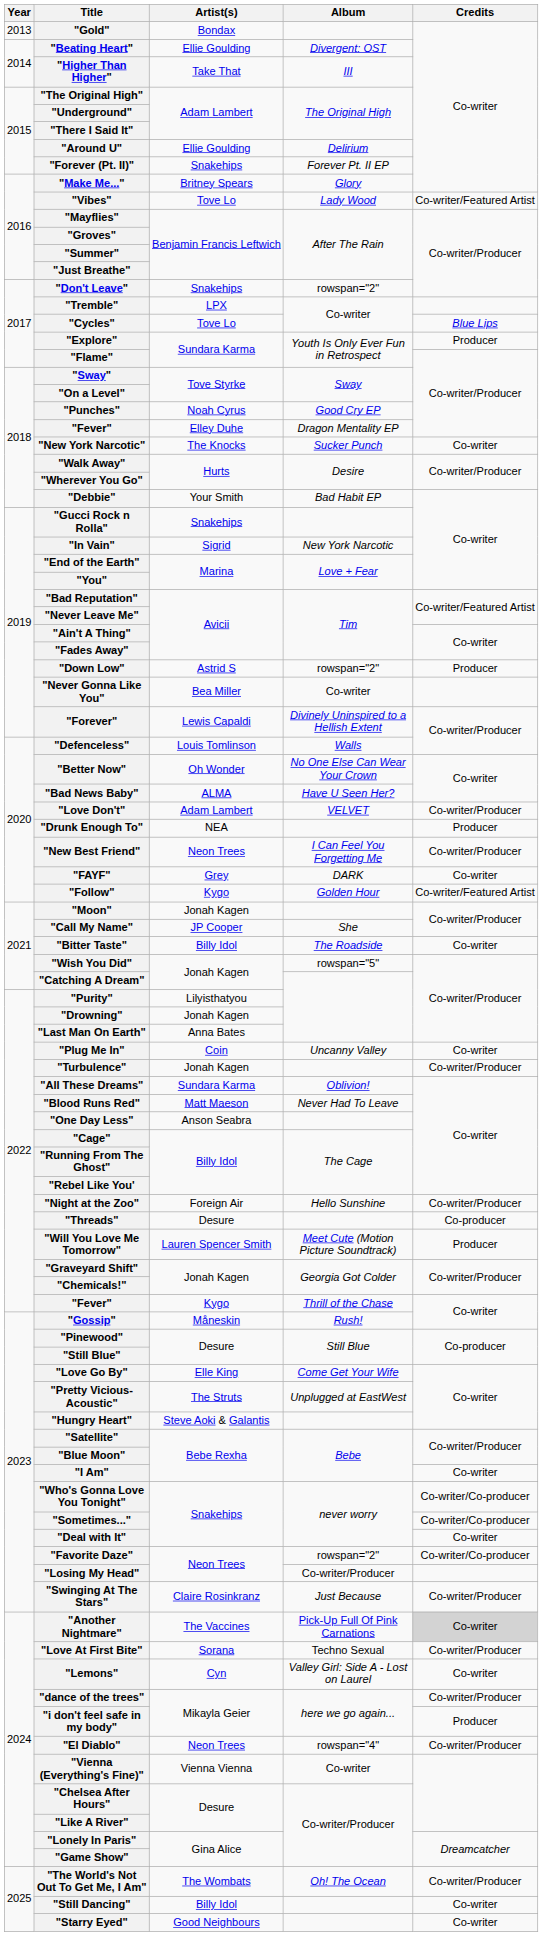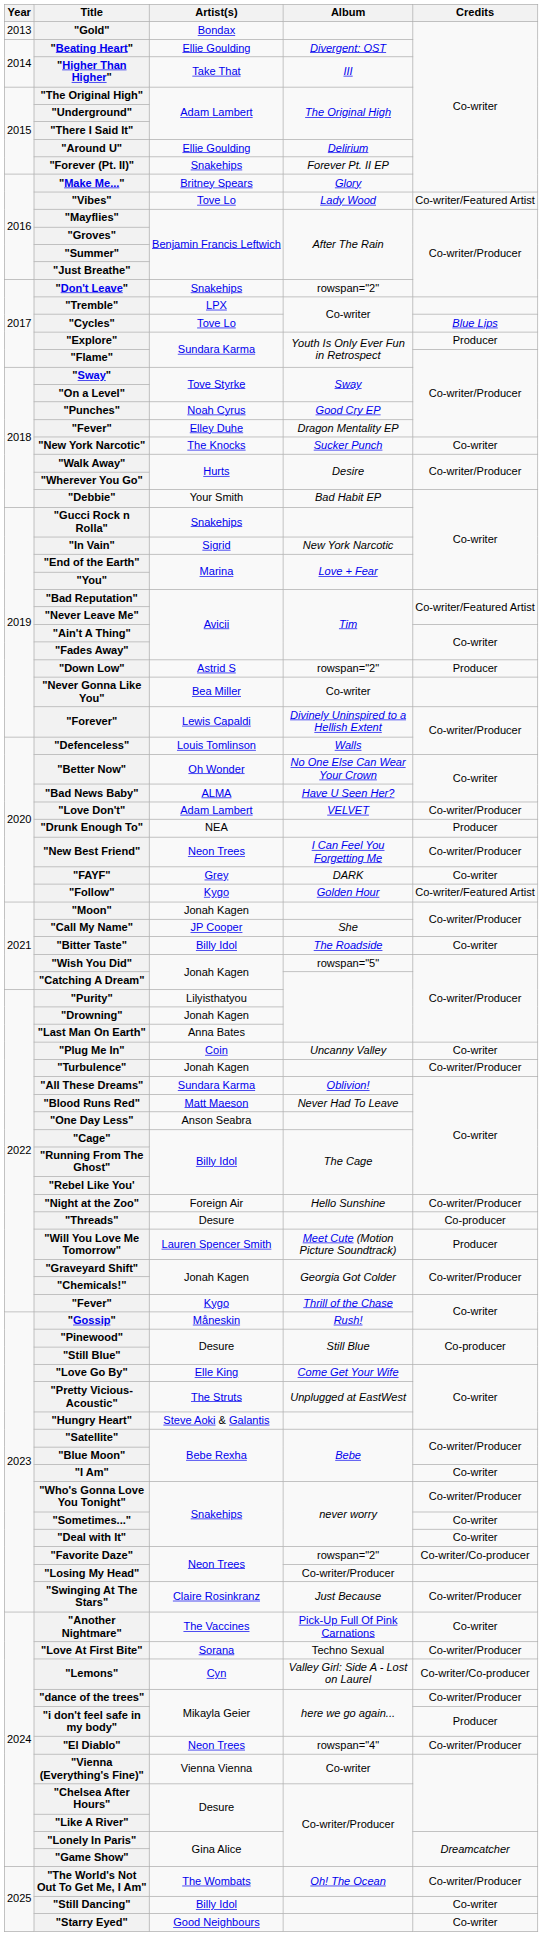 <table class="wikitable plainrowheaders" style="text-align:center;">
 <tr>
 <th scope="col">Year</th>
 <th scope="col" style="width:160px;">Title</th>
 <th scope="col">Artist(s)</th>
 <th scope="col" style="width:180px;">Album</th>
 <th scope="col">Credits</th>
 </tr>
 <tr>
 <td>2013</td>
 <th scope="row">"Gold"</th>
 <td><a href='#'>Bondax</a></td>
 <td></td>
 <td rowspan="9">Co-writer</td>
 </tr>
 <tr>
 <td rowspan="2">2014</td>
 <th scope="row">"<a href='#'>Beating Heart</a>"</th>
 <td><a href='#'>Ellie Goulding</a></td>
 <td><em><a href='#'>Divergent: OST</a></em></td>
 </tr>
 <tr>
 <th scope="row">"<a href='#'>Higher Than Higher</a>"</th>
 <td><a href='#'>Take That</a></td>
 <td><em><a href='#'>III</a></em></td>
 </tr>
 <tr>
 <td rowspan="5">2015</td>
 <th scope="row">"The Original High"</th>
 <td rowspan="3"><a href='#'>Adam Lambert</a></td>
 <td rowspan="3"><em><a href='#'>The Original High</a></em></td>
 </tr>
 <tr>
 <th scope="row">"Underground"</th>
 </tr>
 <tr>
 <th scope="row">"There I Said It"</th>
 </tr>
 <tr>
 <th scope="row">"Around U"</th>
 <td><a href='#'>Ellie Goulding</a></td>
 <td><em><a href='#'>Delirium</a></em></td>
 </tr>
 <tr>
 <th scope="row">"Forever (Pt. II)"</th>
 <td><a href='#'>Snakehips</a></td>
 <td><em>Forever Pt. II EP</em></td>
 </tr>
 <tr>
 <td rowspan="6">2016</td>
 <th scope="row">"<a href='#'>Make Me...</a>"<br></th>
 <td><a href='#'>Britney Spears</a></td>
 <td><em><a href='#'>Glory</a></em></td>
 </tr>
 <tr>
 <th scope="row">"Vibes"<br></th>
 <td><a href='#'>Tove Lo</a></td>
 <td><em><a href='#'>Lady Wood</a></em></td>
 <td>Co-writer/Featured Artist</td>
 </tr>
 <tr>
 <th scope="row">"Mayflies"</th>
 <td rowspan="4"><a href='#'>Benjamin Francis Leftwich</a></td>
 <td rowspan="4"><em>After The Rain</em></td>
 <td rowspan="5">Co-writer/Producer</td>
 </tr>
 <tr>
 <th scope="row">"Groves"</th>
 </tr>
 <tr>
 <th scope="row">"Summer"</th>
 </tr>
 <tr>
 <th scope="row">"Just Breathe"</th>
 </tr>
 <tr>
 <td rowspan="5">2017</td>
 <th scope="row">"<a href='#'>Don't Leave</a>"<br></th>
 <td><a href='#'>Snakehips</a></td>
 <td>rowspan="2" </td>
 </tr>
 <tr>
 <th scope="row">"Tremble"</th>
 <td><a href='#'>LPX</a></td>
 <td rowspan="2">Co-writer</td>
 </tr>
 <tr>
 <th scope="row">"Cycles"</th>
 <td><a href='#'>Tove Lo</a></td>
 <td><em><a href='#'>Blue Lips</a></em></td>
 </tr>
 <tr>
 <th scope="row">"Explore"</th>
 <td rowspan="2"><a href='#'>Sundara Karma</a></td>
 <td rowspan="2"><em>Youth Is Only Ever Fun<br>in Retrospect</em></td>
 <td>Producer</td>
 </tr>
 <tr>
 <th scope="row">"Flame"</th>
 <td rowspan="5">Co-writer/Producer</td>
 </tr>
 <tr>
 <td rowspan="8">2018</td>
 <th scope="row">"<a href='#'>Sway</a>"</th>
 <td rowspan="2"><a href='#'>Tove Styrke</a></td>
 <td rowspan="2"><em><a href='#'>Sway</a></em></td>
 </tr>
 <tr>
 <th scope="row">"On a Level"</th>
 </tr>
 <tr>
 <th scope="row">"Punches"</th>
 <td><a href='#'>Noah Cyrus</a></td>
 <td><em><a href='#'>Good Cry EP</a></em></td>
 </tr>
 <tr>
 <th scope="row">"Fever"</th>
 <td><a href='#'>Elley Duhe</a></td>
 <td><em>Dragon Mentality EP</em></td>
 </tr>
 <tr>
 <th scope="row">"New York Narcotic"</th>
 <td><a href='#'>The Knocks</a></td>
 <td><em><a href='#'>Sucker Punch</a></em></td>
 <td>Co-writer</td>
 </tr>
 <tr>
 <th scope="row">"Walk Away"</th>
 <td rowspan="2"><a href='#'>Hurts</a></td>
 <td rowspan="2"><em>Desire</em></td>
 <td rowspan="2">Co-writer/Producer</td>
 </tr>
 <tr>
 <th scope="row">"Wherever You Go"</th>
 </tr>
 <tr>
 <th scope="row">"Debbie"</th>
 <td>Your Smith</td>
 <td><em>Bad Habit EP</em></td>
 <td rowspan="5">Co-writer</td>
 </tr>
 <tr>
 <td rowspan="11">2019</td>
 <th scope="row">"Gucci Rock n Rolla"<br></th>
 <td><a href='#'>Snakehips</a></td>
 <td></td>
 </tr>
 <tr>
 <th scope="row">"In Vain"</th>
 <td><a href='#'>Sigrid</a></td>
 <td><em>New York Narcotic</em></td>
 </tr>
 <tr>
 <th scope="row">"End of the Earth"</th>
 <td rowspan="2"><a href='#'>Marina</a></td>
 <td rowspan="2"><em><a href='#'>Love + Fear</a></em></td>
 </tr>
 <tr>
 <th scope="row">"You"</th>
 </tr>
 <tr>
 <th scope="row">"Bad Reputation"<br></th>
 <td rowspan="4"><a href='#'>Avicii</a></td>
 <td rowspan="4"><em><a href='#'>Tim</a></em></td>
 <td rowspan="2">Co-writer/Featured Artist</td>
 </tr>
 <tr>
 <th scope="row">"Never Leave Me"<br></th>
 </tr>
 <tr>
 <th scope="row">"Ain't A Thing"</th>
 <td rowspan="2">Co-writer</td>
 </tr>
 <tr>
 <th scope="row">"Fades Away"</th>
 </tr>
 <tr>
 <th scope="row">"Down Low"</th>
 <td><a href='#'>Astrid S</a></td>
 <td>rowspan="2" </td>
 <td>Producer</td>
 </tr>
 <tr>
 <th scope="row">"Never Gonna Like You"<br></th>
 <td><a href='#'>Bea Miller</a></td>
 <td>Co-writer</td>
 </tr>
 <tr>
 <th scope="row">"Forever"</th>
 <td><a href='#'>Lewis Capaldi</a></td>
 <td><em><a href='#'>Divinely Uninspired to a Hellish Extent</a></em></td>
 <td rowspan="2">Co-writer/Producer</td>
 </tr>
 <tr>
 <td rowspan="8">2020</td>
 <th scope="row">"Defenceless"</th>
 <td><a href='#'>Louis Tomlinson</a></td>
 <td><em><a href='#'>Walls</a></em></td>
 </tr>
 <tr>
 <th scope="row">"Better Now"</th>
 <td><a href='#'>Oh Wonder</a></td>
 <td><em><a href='#'>No One Else Can Wear Your Crown</a></em></td>
 <td rowspan="2">Co-writer</td>
 </tr>
 <tr>
 <th scope="row">"Bad News Baby"</th>
 <td><a href='#'>ALMA</a></td>
 <td><em><a href='#'>Have U Seen Her?</a></em></td>
 </tr>
 <tr>
 <th scope="row">"Love Don't"</th>
 <td><a href='#'>Adam Lambert</a></td>
 <td><em><a href='#'>VELVET</a></em></td>
 <td>Co-writer/Producer</td>
 </tr>
 <tr>
 <th scope="row">"Drunk Enough To"</th>
 <td>NEA</td>
 <td></td>
 <td>Producer</td>
 </tr>
 <tr>
 <th scope="row">"New Best Friend"</th>
 <td><a href='#'>Neon Trees</a></td>
 <td><em><a href='#'>I Can Feel You Forgetting Me</a></em></td>
 <td>Co-writer/Producer</td>
 </tr>
 <tr>
 <th scope="row">"FAYF"</th>
 <td><a href='#'>Grey</a></td>
 <td><em>DARK</em></td>
 <td>Co-writer</td>
 </tr>
 <tr>
 <th scope="row">"Follow"<br></th>
 <td><a href='#'>Kygo</a></td>
 <td><em><a href='#'>Golden Hour</a></em></td>
 <td>Co-writer/Featured Artist</td>
 </tr>
 <tr>
 <td rowspan="5">2021</td>
 <th scope="row">"Moon"</th>
 <td>Jonah Kagen</td>
 <td></td>
 <td rowspan="2">Co-writer/Producer</td>
 </tr>
 <tr>
 <th scope="row">"Call My Name"</th>
 <td><a href='#'>JP Cooper</a></td>
 <td><em>She</em></td>
 </tr>
 <tr>
 <th scope="row">"Bitter Taste"</th>
 <td><a href='#'>Billy Idol</a></td>
 <td><em><a href='#'>The Roadside</a></em></td>
 <td>Co-writer</td>
 </tr>
 <tr>
 <th scope="row">"Wish You Did"</th>
 <td rowspan="2">Jonah Kagen</td>
 <td>rowspan="5" </td>
 <td rowspan="5">Co-writer/Producer</td>
 </tr>
 <tr>
 <th scope="row">"Catching A Dream"</th>
 </tr>
 <tr>
 <td rowspan="17">2022</td>
 <th scope="row">"Purity"</th>
 <td>Lilyisthatyou</td>
 </tr>
 <tr>
 <th scope="row">"Drowning"</th>
 <td>Jonah Kagen</td>
 </tr>
 <tr>
 <th scope="row">"Last Man On Earth"</th>
 <td>Anna Bates</td>
 </tr>
 <tr>
 <th scope="row">"Plug Me In"</th>
 <td><a href='#'>Coin</a></td>
 <td><em>Uncanny Valley</em></td>
 <td>Co-writer</td>
 </tr>
 <tr>
 <th scope="row">"Turbulence"</th>
 <td>Jonah Kagen</td>
 <td></td>
 <td>Co-writer/Producer</td>
 </tr>
 <tr>
 <th scope="row">"All These Dreams"</th>
 <td><a href='#'>Sundara Karma</a></td>
 <td><em><a href='#'>Oblivion!</a></em></td>
 <td rowspan="6">Co-writer</td>
 </tr>
 <tr>
 <th scope="row">"Blood Runs Red"</th>
 <td><a href='#'>Matt Maeson</a></td>
 <td><em>Never Had To Leave</em></td>
 </tr>
 <tr>
 <th scope="row">"One Day Less"</th>
 <td>Anson Seabra</td>
 <td></td>
 </tr>
 <tr>
 <th scope="row">"Cage"</th>
 <td rowspan="3"><a href='#'>Billy Idol</a></td>
 <td rowspan="3"><em>The Cage</em></td>
 </tr>
 <tr>
 <th scope="row">"Running From The Ghost"</th>
 </tr>
 <tr>
 <th scope="row">"Rebel Like You'</th>
 </tr>
 <tr>
 <th scope="row">"Night at the Zoo"</th>
 <td>Foreign Air</td>
 <td><em>Hello Sunshine</em></td>
 <td>Co-writer/Producer</td>
 </tr>
 <tr>
 <th scope="row">"Threads"</th>
 <td>Desure</td>
 <td></td>
 <td>Co-producer</td>
 </tr>
 <tr>
 <th scope="row">"Will You Love Me Tomorrow"</th>
 <td><a href='#'>Lauren Spencer Smith</a></td>
 <td><em><a href='#'>Meet Cute</a> (Motion Picture Soundtrack)</em></td>
 <td>Producer</td>
 </tr>
 <tr>
 <th scope="row">"Graveyard Shift"</th>
 <td rowspan="2">Jonah Kagen</td>
 <td rowspan="2"><em>Georgia Got Colder</em></td>
 <td rowspan="2">Co-writer/Producer</td>
 </tr>
 <tr>
 <th scope="row">"Chemicals!"</th>
 </tr>
 <tr>
 <th scope="row">"Fever"<br></th>
 <td><a href='#'>Kygo</a></td>
 <td><em><a href='#'>Thrill of the Chase</a></em></td>
 <td rowspan="2">Co-writer</td>
 </tr>
 <tr>
 <td rowspan="15">2023</td>
 <th scope="row">"<a href='#'>Gossip</a>"<br></th>
 <td><a href='#'>Måneskin</a></td>
 <td><em><a href='#'>Rush!</a></em></td>
 </tr>
 <tr>
 <th scope="row">"Pinewood"</th>
 <td rowspan="2">Desure</td>
 <td rowspan="2"><em>Still Blue</em></td>
 <td rowspan="2">Co-producer</td>
 </tr>
 <tr>
 <th scope="row">"Still Blue"</th>
 </tr>
 <tr>
 <th scope="row">"Love Go By"</th>
 <td><a href='#'>Elle King</a></td>
 <td><em><a href='#'>Come Get Your Wife</a></em></td>
 <td rowspan="3">Co-writer</td>
 </tr>
 <tr>
 <th scope="row">"Pretty Vicious- Acoustic"</th>
 <td><a href='#'>The Struts</a></td>
 <td><em>Unplugged at EastWest</em></td>
 </tr>
 <tr>
 <th scope="row">"Hungry Heart"<br></th>
 <td><a href='#'>Steve Aoki</a> & <a href='#'>Galantis</a></td>
 <td></td>
 </tr>
 <tr>
 <th scope="row">"Satellite"<br></th>
 <td rowspan="3"><a href='#'>Bebe Rexha</a></td>
 <td rowspan="3"><em><a href='#'>Bebe</a></em></td>
 <td rowspan="2">Co-writer/Producer</td>
 </tr>
 <tr>
 <th scope="row">"Blue Moon"</th>
 </tr>
 <tr>
 <th scope="row">"I Am"</th>
 <td>Co-writer</td>
 </tr>
 <tr>
 <th scope="row">"Who's Gonna Love You Tonight"<br></th>
 <td rowspan="3"><a href='#'>Snakehips</a></td>
 <td rowspan="3"><em>never worry</em></td>
-<td>Co-writer/Co-producer</td>
+<td>Co-writer/Producer</td>
 </tr>
 <tr>
 <th scope="row">"Sometimes..."<br></th>
-<td>Co-writer/Co-producer</td>
+<td>Co-writer</td>
 </tr>
 <tr>
 <th scope="row">"Deal with It"<br></th>
 <td>Co-writer</td>
 </tr>
 <tr>
 <th scope="row">"Favorite Daze"</th>
 <td rowspan="2"><a href='#'>Neon Trees</a></td>
 <td>rowspan="2" </td>
 <td>Co-writer/Co-producer</td>
 </tr>
 <tr>
 <th scope="row">"Losing My Head"</th>
 <td>Co-writer/Producer</td>
 </tr>
 <tr>
 <th scope="row">"Swinging At The Stars"</th>
 <td><a href='#'>Claire Rosinkranz</a></td>
 <td><em>Just Because</em></td>
 <td>Co-writer/Producer</td>
 </tr>
 <tr>
 <td rowspan="11">2024</td>
 <th scope="row">"Another Nightmare"</th>
 <td><a href='#'>The Vaccines</a></td>
 <td><a href='#'>Pick-Up Full Of Pink Carnations</a></td>
-<td style="background: lightgrey;">Co-writer</td>
+<td>Co-writer</td>
 </tr>
 <tr>
 <th scope="row">"Love At First Bite"</th>
 <td><a href='#'>Sorana</a></td>
 <td>Techno Sexual</td>
 <td>Co-writer/Producer</td>
 </tr>
 <tr>
 <th scope="row">"Lemons"</th>
 <td><a href='#'>Cyn</a></td>
 <td><em>Valley Girl: Side A - Lost on Laurel</em></td>
-<td>Co-writer</td>
+<td>Co-writer/Co-producer</td>
 </tr>
 <tr>
 <th scope="row">"dance of the trees"</th>
 <td rowspan="2">Mikayla Geier</td>
 <td rowspan="2"><em>here we go again...</em></td>
 <td>Co-writer/Producer</td>
 </tr>
 <tr>
 <th scope="row">"i don't feel safe in my body"</th>
 <td>Producer</td>
 </tr>
 <tr>
 <th scope="row">"El Diablo"</th>
 <td><a href='#'>Neon Trees</a></td>
 <td>rowspan="4" </td>
 <td>Co-writer/Producer</td>
 </tr>
 <tr>
 <th scope="row">"Vienna (Everything's Fine)"</th>
 <td>Vienna Vienna</td>
 <td>Co-writer</td>
 </tr>
 <tr>
 <th scope="row">"Chelsea After Hours"</th>
 <td rowspan="2">Desure</td>
 <td rowspan="4">Co-writer/Producer</td>
 </tr>
 <tr>
 <th scope="row">"Like A River"</th>
 </tr>
 <tr>
 <th scope="row">"Lonely In Paris"</th>
 <td rowspan="2">Gina Alice</td>
 <td rowspan="2"><em>Dreamcatcher</em></td>
 </tr>
 <tr>
 <th scope="row">"Game Show"</th>
 </tr>
 <tr>
 <td rowspan="3">2025</td>
 <th scope="row">"The World's Not Out To Get Me, I Am"</th>
 <td><a href='#'>The Wombats</a></td>
 <td><em><a href='#'>Oh! The Ocean</a></em></td>
 <td>Co-writer/Producer</td>
 </tr>
 <tr>
 <th scope="row">"Still Dancing"</th>
 <td><a href='#'>Billy Idol</a></td>
 <td></td>
 <td>Co-writer</td>
 </tr>
 <tr>
 <th scope="row">"Starry Eyed"</th>
 <td><a href='#'>Good Neighbours</a></td>
 <td></td>
 <td>Co-writer</td>
 </tr>
 </table>
